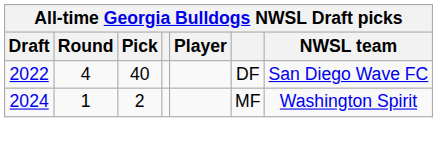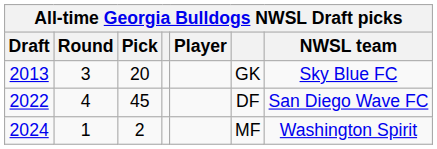 <table class="wikitable sortable" style="text-align: center;">
 <tr>
 <th colspan="7" style="background:#">All-time <a href='#'><span>Georgia Bulldogs</span></a> NWSL Draft picks</th>
 </tr>
 <tr>
 <th scope="col">Draft</th>
 <th scope="col">Round</th>
 <th scope="col">Pick</th>
 <th scope="col"></th>
 <th scope="col">Player</th>
 <th scope="col"></th>
 <th scope="col">NWSL team</th>
 </tr>
 <tr>
+<td><a href='#'>2013</a></td>
+<td>3</td>
+<td>20</td>
+<td></td>
+<td></td>
+<td>GK</td>
+<td><a href='#'>Sky Blue FC</a></td>
+</tr>
+<tr>
 <td><a href='#'>2022</a></td>
 <td>4</td>
-<td>40</td>
+<td>45</td>
 <td></td>
 <td></td>
 <td>DF</td>
 <td><a href='#'>San Diego Wave FC</a></td>
 </tr>
 <tr>
 <td><a href='#'>2024</a></td>
 <td>1</td>
 <td>2</td>
 <td></td>
 <td></td>
 <td>MF</td>
 <td><a href='#'>Washington Spirit</a></td>
 </tr>
 </table>
